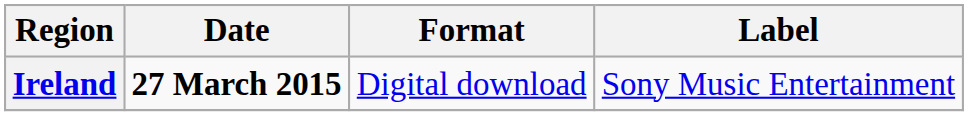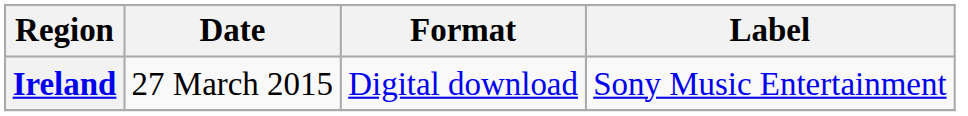 <table class="wikitable sortable plainrowheaders">
 <tr>
 <th scope="col">Region</th>
 <th scope="col">Date</th>
 <th scope="col">Format</th>
 <th scope="col">Label</th>
 </tr>
 <tr>
 <th scope="row"><a href='#'>Ireland</a></th>
-<td><strong>27 March 2015</strong></td>
+<td>27 March 2015</td>
 <td><a href='#'>Digital download</a></td>
 <td><a href='#'>Sony Music Entertainment</a></td>
 </tr>
 <tr>
 </tr>
 </table>
